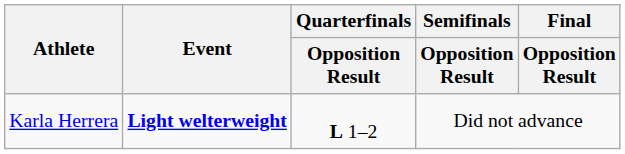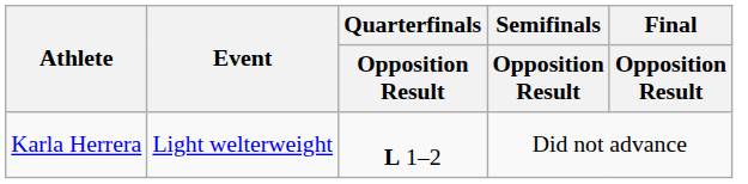 <table class="wikitable" border="1" style="font-size:90%">
 <tr>
 <th rowspan=2>Athlete</th>
 <th rowspan=2>Event</th>
 <th>Quarterfinals</th>
 <th>Semifinals</th>
 <th>Final</th>
 </tr>
 <tr>
 <th>Opposition<br>Result</th>
 <th>Opposition<br>Result</th>
 <th>Opposition<br>Result</th>
 </tr>
 <tr align="center">
 <td><a href='#'>Karla Herrera</a></td>
-<td align="left"><strong><a href='#'>Light welterweight</a></strong></td>
+<td align="left"><a href='#'>Light welterweight</a></td>
 <td align=center><br><strong>L</strong> 1–2</td>
 <td align=center colspan=2>Did not advance</td>
 </tr>
 </table>
